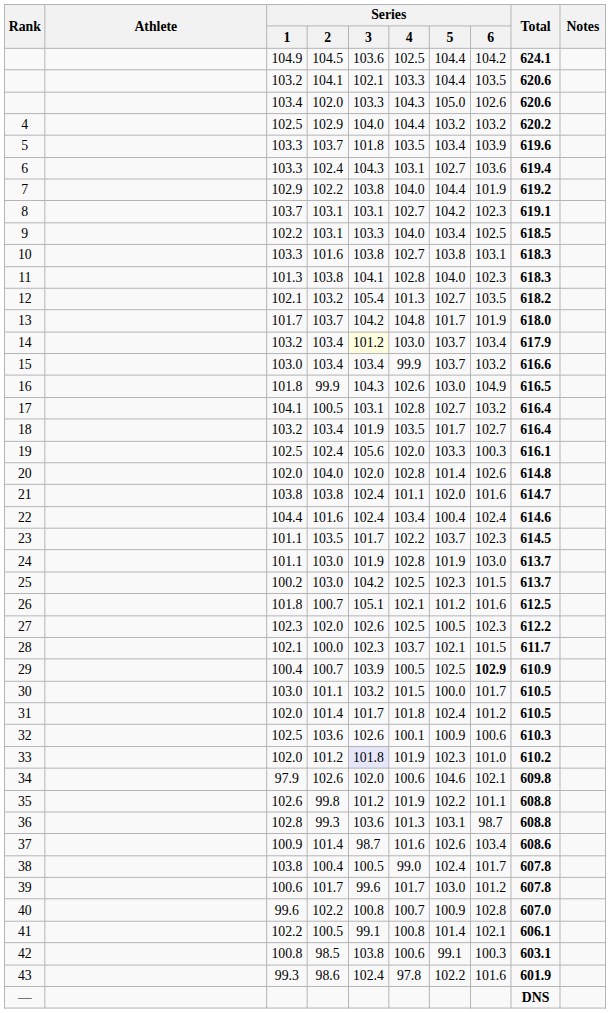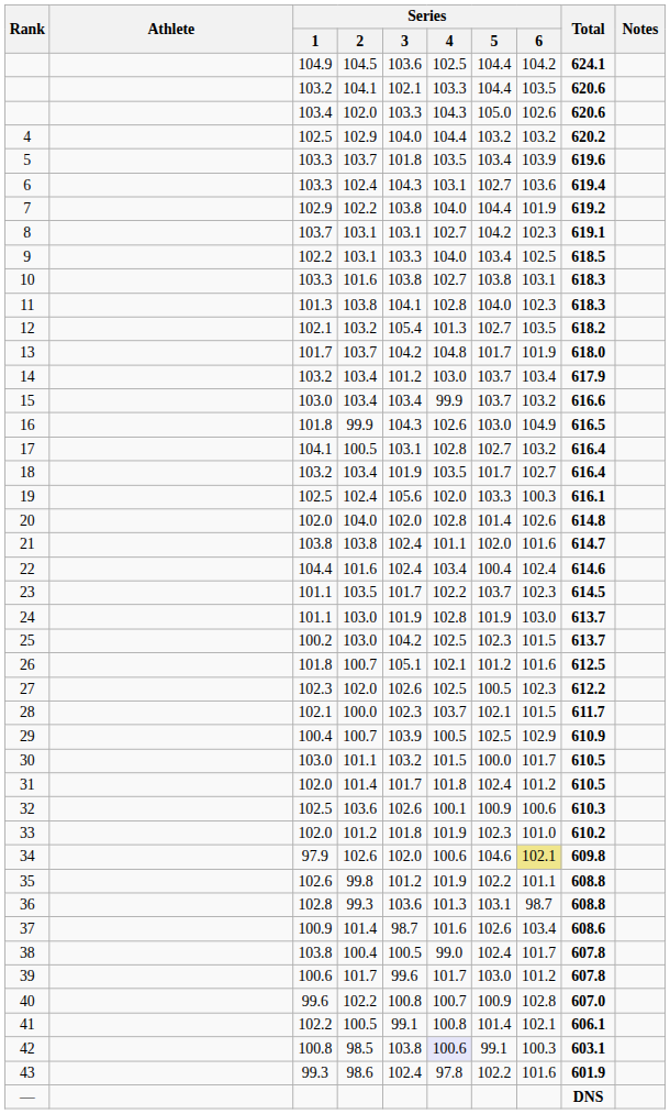 <table class="wikitable" style="text-align:center">
 <tr>
 <th rowspan=2 width=40>Rank</th>
 <th rowspan=2 width=250>Athlete</th>
 <th colspan=6>Series</th>
 <th rowspan=2 width=50>Total</th>
 <th rowspan=2 width=45>Notes</th>
 </tr>
 <tr>
 <th width=40>1</th>
 <th width=40>2</th>
 <th width=40>3</th>
 <th width=40>4</th>
 <th width=40>5</th>
 <th width=40>6</th>
 </tr>
 <tr>
 <td></td>
 <td align=left></td>
 <td>104.9</td>
 <td>104.5</td>
 <td>103.6</td>
 <td>102.5</td>
 <td>104.4</td>
 <td>104.2</td>
 <td><strong>624.1</strong></td>
 <td></td>
 </tr>
 <tr>
 <td></td>
 <td align=left></td>
 <td>103.2</td>
 <td>104.1</td>
 <td>102.1</td>
 <td>103.3</td>
 <td>104.4</td>
 <td>103.5</td>
 <td><strong>620.6</strong></td>
 <td></td>
 </tr>
 <tr>
 <td></td>
 <td align=left></td>
 <td>103.4</td>
 <td>102.0</td>
 <td>103.3</td>
 <td>104.3</td>
 <td>105.0</td>
 <td>102.6</td>
 <td><strong>620.6</strong></td>
 <td></td>
 </tr>
 <tr>
 <td>4</td>
 <td align=left></td>
 <td>102.5</td>
 <td>102.9</td>
 <td>104.0</td>
 <td>104.4</td>
 <td>103.2</td>
 <td>103.2</td>
 <td><strong>620.2</strong></td>
 <td></td>
 </tr>
 <tr>
 <td>5</td>
 <td align=left></td>
 <td>103.3</td>
 <td>103.7</td>
 <td>101.8</td>
 <td>103.5</td>
 <td>103.4</td>
 <td>103.9</td>
 <td><strong>619.6</strong></td>
 <td></td>
 </tr>
 <tr>
 <td>6</td>
 <td align=left></td>
 <td>103.3</td>
 <td>102.4</td>
 <td>104.3</td>
 <td>103.1</td>
 <td>102.7</td>
 <td>103.6</td>
 <td><strong>619.4</strong></td>
 <td></td>
 </tr>
 <tr>
 <td>7</td>
 <td align=left></td>
 <td>102.9</td>
 <td>102.2</td>
 <td>103.8</td>
 <td>104.0</td>
 <td>104.4</td>
 <td>101.9</td>
 <td><strong>619.2</strong></td>
 <td></td>
 </tr>
 <tr>
 <td>8</td>
 <td align=left></td>
 <td>103.7</td>
 <td>103.1</td>
 <td>103.1</td>
 <td>102.7</td>
 <td>104.2</td>
 <td>102.3</td>
 <td><strong>619.1</strong></td>
 <td></td>
 </tr>
 <tr>
 <td>9</td>
 <td align=left></td>
 <td>102.2</td>
 <td>103.1</td>
 <td>103.3</td>
 <td>104.0</td>
 <td>103.4</td>
 <td>102.5</td>
 <td><strong>618.5</strong></td>
 <td></td>
 </tr>
 <tr>
 <td>10</td>
 <td align=left></td>
 <td>103.3</td>
 <td>101.6</td>
 <td>103.8</td>
 <td>102.7</td>
 <td>103.8</td>
 <td>103.1</td>
 <td><strong>618.3</strong></td>
 <td></td>
 </tr>
 <tr>
 <td>11</td>
 <td align=left></td>
 <td>101.3</td>
 <td>103.8</td>
 <td>104.1</td>
 <td>102.8</td>
 <td>104.0</td>
 <td>102.3</td>
 <td><strong>618.3</strong></td>
 <td></td>
 </tr>
 <tr>
 <td>12</td>
 <td align=left></td>
 <td>102.1</td>
 <td>103.2</td>
 <td>105.4</td>
 <td>101.3</td>
 <td>102.7</td>
 <td>103.5</td>
 <td><strong>618.2</strong></td>
 <td></td>
 </tr>
 <tr>
 <td>13</td>
 <td align=left></td>
 <td>101.7</td>
 <td>103.7</td>
 <td>104.2</td>
 <td>104.8</td>
 <td>101.7</td>
 <td>101.9</td>
 <td><strong>618.0</strong></td>
 <td></td>
 </tr>
 <tr>
 <td>14</td>
 <td align=left></td>
 <td>103.2</td>
 <td>103.4</td>
-<td style="background: lightyellow;">101.2</td>
+<td>101.2</td>
 <td>103.0</td>
 <td>103.7</td>
 <td>103.4</td>
 <td><strong>617.9</strong></td>
 <td></td>
 </tr>
 <tr>
 <td>15</td>
 <td align=left></td>
 <td>103.0</td>
 <td>103.4</td>
 <td>103.4</td>
 <td>99.9</td>
 <td>103.7</td>
 <td>103.2</td>
 <td><strong>616.6</strong></td>
 <td></td>
 </tr>
 <tr>
 <td>16</td>
 <td align=left></td>
 <td>101.8</td>
 <td>99.9</td>
 <td>104.3</td>
 <td>102.6</td>
 <td>103.0</td>
 <td>104.9</td>
 <td><strong>616.5</strong></td>
 <td></td>
 </tr>
 <tr>
 <td>17</td>
 <td align=left></td>
 <td>104.1</td>
 <td>100.5</td>
 <td>103.1</td>
 <td>102.8</td>
 <td>102.7</td>
 <td>103.2</td>
 <td><strong>616.4</strong></td>
 <td></td>
 </tr>
 <tr>
 <td>18</td>
 <td align=left></td>
 <td>103.2</td>
 <td>103.4</td>
 <td>101.9</td>
 <td>103.5</td>
 <td>101.7</td>
 <td>102.7</td>
 <td><strong>616.4</strong></td>
 <td></td>
 </tr>
 <tr>
 <td>19</td>
 <td align=left></td>
 <td>102.5</td>
 <td>102.4</td>
 <td>105.6</td>
 <td>102.0</td>
 <td>103.3</td>
 <td>100.3</td>
 <td><strong>616.1</strong></td>
 <td></td>
 </tr>
 <tr>
 <td>20</td>
 <td align=left></td>
 <td>102.0</td>
 <td>104.0</td>
 <td>102.0</td>
 <td>102.8</td>
 <td>101.4</td>
 <td>102.6</td>
 <td><strong>614.8</strong></td>
 <td></td>
 </tr>
 <tr>
 <td>21</td>
 <td align=left></td>
 <td>103.8</td>
 <td>103.8</td>
 <td>102.4</td>
 <td>101.1</td>
 <td>102.0</td>
 <td>101.6</td>
 <td><strong>614.7</strong></td>
 <td></td>
 </tr>
 <tr>
 <td>22</td>
 <td align=left></td>
 <td>104.4</td>
 <td>101.6</td>
 <td>102.4</td>
 <td>103.4</td>
 <td>100.4</td>
 <td>102.4</td>
 <td><strong>614.6</strong></td>
 <td></td>
 </tr>
 <tr>
 <td>23</td>
 <td align=left></td>
 <td>101.1</td>
 <td>103.5</td>
 <td>101.7</td>
 <td>102.2</td>
 <td>103.7</td>
 <td>102.3</td>
 <td><strong>614.5</strong></td>
 <td></td>
 </tr>
 <tr>
 <td>24</td>
 <td align=left></td>
 <td>101.1</td>
 <td>103.0</td>
 <td>101.9</td>
 <td>102.8</td>
 <td>101.9</td>
 <td>103.0</td>
 <td><strong>613.7</strong></td>
 <td></td>
 </tr>
 <tr>
 <td>25</td>
 <td align=left></td>
 <td>100.2</td>
 <td>103.0</td>
 <td>104.2</td>
 <td>102.5</td>
 <td>102.3</td>
 <td>101.5</td>
 <td><strong>613.7</strong></td>
 <td></td>
 </tr>
 <tr>
 <td>26</td>
 <td align=left></td>
 <td>101.8</td>
 <td>100.7</td>
 <td>105.1</td>
 <td>102.1</td>
 <td>101.2</td>
 <td>101.6</td>
 <td><strong>612.5</strong></td>
 <td></td>
 </tr>
 <tr>
 <td>27</td>
 <td align=left></td>
 <td>102.3</td>
 <td>102.0</td>
 <td>102.6</td>
 <td>102.5</td>
 <td>100.5</td>
 <td>102.3</td>
 <td><strong>612.2</strong></td>
 <td></td>
 </tr>
 <tr>
 <td>28</td>
 <td align=left></td>
 <td>102.1</td>
 <td>100.0</td>
 <td>102.3</td>
 <td>103.7</td>
 <td>102.1</td>
 <td>101.5</td>
 <td><strong>611.7</strong></td>
 <td></td>
 </tr>
 <tr>
 <td>29</td>
 <td align=left></td>
 <td>100.4</td>
 <td>100.7</td>
 <td>103.9</td>
 <td>100.5</td>
 <td>102.5</td>
-<td><strong>102.9</strong></td>
+<td>102.9</td>
 <td><strong>610.9</strong></td>
 <td></td>
 </tr>
 <tr>
 <td>30</td>
 <td align=left></td>
 <td>103.0</td>
 <td>101.1</td>
 <td>103.2</td>
 <td>101.5</td>
 <td>100.0</td>
 <td>101.7</td>
 <td><strong>610.5</strong></td>
 <td></td>
 </tr>
 <tr>
 <td>31</td>
 <td align=left></td>
 <td>102.0</td>
 <td>101.4</td>
 <td>101.7</td>
 <td>101.8</td>
 <td>102.4</td>
 <td>101.2</td>
 <td><strong>610.5</strong></td>
 <td></td>
 </tr>
 <tr>
 <td>32</td>
 <td align=left></td>
 <td>102.5</td>
 <td>103.6</td>
 <td>102.6</td>
 <td>100.1</td>
 <td>100.9</td>
 <td>100.6</td>
 <td><strong>610.3</strong></td>
 <td></td>
 </tr>
 <tr>
 <td>33</td>
 <td align=left></td>
 <td>102.0</td>
 <td>101.2</td>
-<td style="background: lavender;">101.8</td>
+<td>101.8</td>
 <td>101.9</td>
 <td>102.3</td>
 <td>101.0</td>
 <td><strong>610.2</strong></td>
 <td></td>
 </tr>
 <tr>
 <td>34</td>
 <td align=left></td>
 <td>97.9</td>
 <td>102.6</td>
 <td>102.0</td>
 <td>100.6</td>
 <td>104.6</td>
-<td>102.1</td>
+<td style="background: khaki;">102.1</td>
 <td><strong>609.8</strong></td>
 <td></td>
 </tr>
 <tr>
 <td>35</td>
 <td align=left></td>
 <td>102.6</td>
 <td>99.8</td>
 <td>101.2</td>
 <td>101.9</td>
 <td>102.2</td>
 <td>101.1</td>
 <td><strong>608.8</strong></td>
 <td></td>
 </tr>
 <tr>
 <td>36</td>
 <td align=left></td>
 <td>102.8</td>
 <td>99.3</td>
 <td>103.6</td>
 <td>101.3</td>
 <td>103.1</td>
 <td>98.7</td>
 <td><strong>608.8</strong></td>
 <td></td>
 </tr>
 <tr>
 <td>37</td>
 <td align=left></td>
 <td>100.9</td>
 <td>101.4</td>
 <td>98.7</td>
 <td>101.6</td>
 <td>102.6</td>
 <td>103.4</td>
 <td><strong>608.6</strong></td>
 <td></td>
 </tr>
 <tr>
 <td>38</td>
 <td align=left></td>
 <td>103.8</td>
 <td>100.4</td>
 <td>100.5</td>
 <td>99.0</td>
 <td>102.4</td>
 <td>101.7</td>
 <td><strong>607.8</strong></td>
 <td></td>
 </tr>
 <tr>
 <td>39</td>
 <td align=left></td>
 <td>100.6</td>
 <td>101.7</td>
 <td>99.6</td>
 <td>101.7</td>
 <td>103.0</td>
 <td>101.2</td>
 <td><strong>607.8</strong></td>
 <td></td>
 </tr>
 <tr>
 <td>40</td>
 <td align=left></td>
 <td>99.6</td>
 <td>102.2</td>
 <td>100.8</td>
 <td>100.7</td>
 <td>100.9</td>
 <td>102.8</td>
 <td><strong>607.0</strong></td>
 <td></td>
 </tr>
 <tr>
 <td>41</td>
 <td align=left></td>
 <td>102.2</td>
 <td>100.5</td>
 <td>99.1</td>
 <td>100.8</td>
 <td>101.4</td>
 <td>102.1</td>
 <td><strong>606.1</strong></td>
 <td></td>
 </tr>
 <tr>
 <td>42</td>
 <td align=left></td>
 <td>100.8</td>
 <td>98.5</td>
 <td>103.8</td>
-<td>100.6</td>
+<td style="background: lavender;">100.6</td>
 <td>99.1</td>
 <td>100.3</td>
 <td><strong>603.1</strong></td>
 <td></td>
 </tr>
 <tr>
 <td>43</td>
 <td align=left></td>
 <td>99.3</td>
 <td>98.6</td>
 <td>102.4</td>
 <td>97.8</td>
 <td>102.2</td>
 <td>101.6</td>
 <td><strong>601.9</strong></td>
 <td></td>
 </tr>
 <tr>
 <td>—</td>
 <td align=left></td>
 <td></td>
 <td></td>
 <td></td>
 <td></td>
 <td></td>
 <td></td>
 <td><strong>DNS</strong></td>
 <td></td>
 </tr>
 </table>
